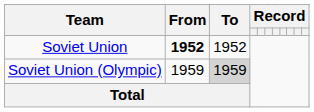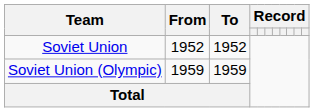 <table class="wikitable" style="text-align: center">
 <tr>
 <th rowspan=2>Team</th>
 <th rowspan=2>From</th>
 <th rowspan=2>To</th>
 <th colspan=8>Record</th>
 </tr>
 <tr>
 <th></th>
 <th></th>
 <th></th>
 <th></th>
 <th></th>
 <th></th>
 <th></th>
 <th></th>
 </tr>
 <tr>
 <td><a href='#'>Soviet Union</a></td>
-<td><strong>1952</strong></td>
+<td>1952</td>
 <td>1952<br></td>
 </tr>
 <tr>
 <td><a href='#'>Soviet Union (Olympic)</a></td>
 <td>1959</td>
-<td style="background: lightgrey;">1959<br></td>
+<td>1959<br></td>
 </tr>
 <tr>
 <th colspan="3">Total<br></th>
 </tr>
 </table>
